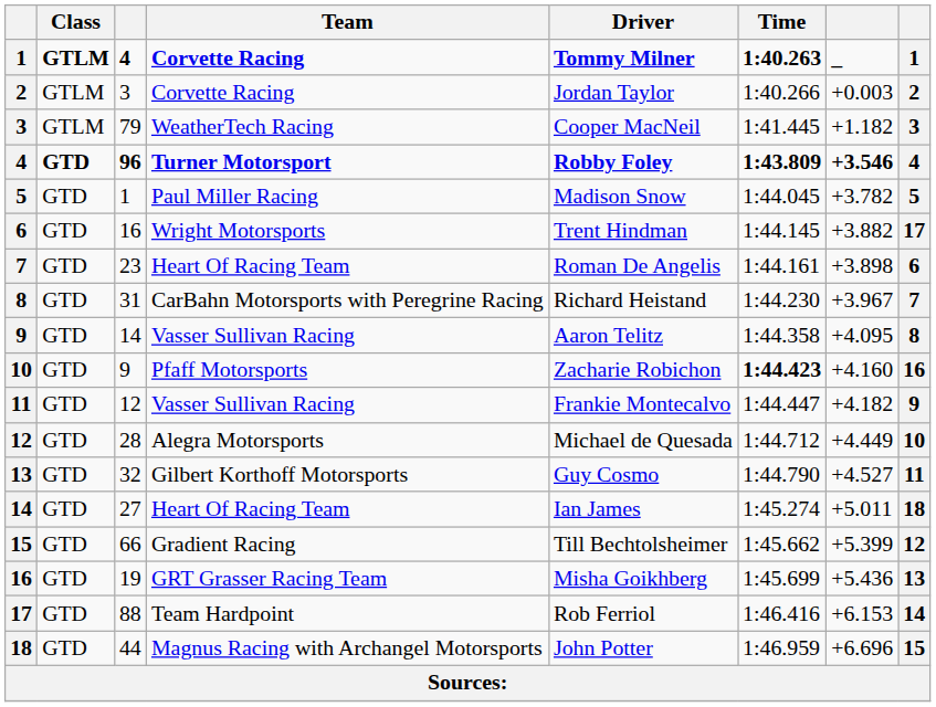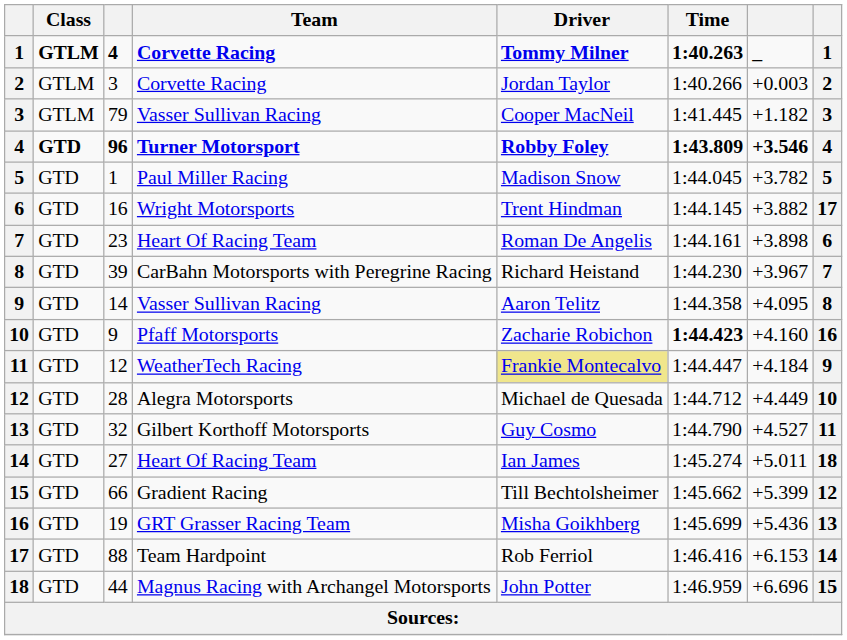 <table class="wikitable">
 <tr>
 <th scope="col"></th>
 <th scope="col">Class</th>
 <th scope="col"></th>
 <th scope="col">Team</th>
 <th scope="col">Driver</th>
 <th scope="col">Time</th>
 <th scope="col"></th>
 <th scope="col"></th>
 </tr>
 <tr style="font-weight:bold">
 <th scope="row">1</th>
 <td>GTLM</td>
 <td>4</td>
 <td> <a href='#'>Corvette Racing</a></td>
 <td> <a href='#'>Tommy Milner</a></td>
 <td>1:40.263</td>
 <td><strong>_</strong></td>
 <th><strong>1</strong></th>
 </tr>
 <tr>
 <th scope="row">2</th>
 <td>GTLM</td>
 <td>3</td>
 <td> <a href='#'>Corvette Racing</a></td>
 <td> <a href='#'>Jordan Taylor</a></td>
 <td>1:40.266</td>
 <td>+0.003</td>
 <th>2</th>
 </tr>
 <tr>
 <th scope="row">3</th>
 <td>GTLM</td>
 <td>79</td>
-<td> <a href='#'>WeatherTech Racing</a></td>
+<td> <a href='#'>Vasser Sullivan Racing</a></td>
 <td> <a href='#'>Cooper MacNeil</a></td>
 <td>1:41.445</td>
 <td>+1.182</td>
 <th>3</th>
 </tr>
 <tr style="font-weight:bold">
 <th scope="row">4</th>
 <td>GTD</td>
 <td>96</td>
 <td> <a href='#'>Turner Motorsport</a></td>
 <td> <a href='#'>Robby Foley</a></td>
 <td>1:43.809</td>
 <td>+3.546</td>
 <th><strong>4</strong></th>
 </tr>
 <tr>
 <th scope="row">5</th>
 <td>GTD</td>
 <td>1</td>
 <td> <a href='#'>Paul Miller Racing</a></td>
 <td> <a href='#'>Madison Snow</a></td>
 <td>1:44.045</td>
 <td>+3.782</td>
 <th>5</th>
 </tr>
 <tr>
 <th scope="row">6</th>
 <td>GTD</td>
 <td>16</td>
 <td> <a href='#'>Wright Motorsports</a></td>
 <td> <a href='#'>Trent Hindman</a></td>
 <td>1:44.145</td>
 <td>+3.882</td>
 <th>17</th>
 </tr>
 <tr>
 <th scope="row">7</th>
 <td>GTD</td>
 <td>23</td>
 <td> <a href='#'>Heart Of Racing Team</a></td>
 <td> <a href='#'>Roman De Angelis</a></td>
 <td>1:44.161</td>
 <td>+3.898</td>
 <th>6</th>
 </tr>
 <tr>
 <th scope="row">8</th>
 <td>GTD</td>
-<td>31</td>
+<td>39</td>
 <td> CarBahn Motorsports with Peregrine Racing</td>
 <td> Richard Heistand</td>
 <td>1:44.230</td>
 <td>+3.967</td>
 <th>7</th>
 </tr>
 <tr>
 <th scope="row">9</th>
 <td>GTD</td>
 <td>14</td>
 <td> <a href='#'>Vasser Sullivan Racing</a></td>
 <td> <a href='#'>Aaron Telitz</a></td>
 <td>1:44.358</td>
 <td>+4.095</td>
 <th>8</th>
 </tr>
 <tr>
 <th scope="row">10</th>
 <td>GTD</td>
 <td>9</td>
 <td> <a href='#'>Pfaff Motorsports</a></td>
 <td> <a href='#'>Zacharie Robichon</a></td>
 <td><strong>1:44.423</strong></td>
 <td>+4.160</td>
 <th>16</th>
 </tr>
 <tr>
 <th scope="row">11</th>
 <td>GTD</td>
 <td>12</td>
-<td> <a href='#'>Vasser Sullivan Racing</a></td>
-<td> <a href='#'>Frankie Montecalvo</a></td>
+<td> <a href='#'>WeatherTech Racing</a></td>
+<td style="background: khaki;"> <a href='#'>Frankie Montecalvo</a></td>
 <td>1:44.447</td>
-<td>+4.182</td>
+<td>+4.184</td>
 <th>9</th>
 </tr>
 <tr>
 <th scope="row">12</th>
 <td>GTD</td>
 <td>28</td>
 <td> Alegra Motorsports</td>
 <td> Michael de Quesada</td>
 <td>1:44.712</td>
 <td>+4.449</td>
 <th>10</th>
 </tr>
 <tr>
 <th scope="row">13</th>
 <td>GTD</td>
 <td>32</td>
 <td> Gilbert Korthoff Motorsports</td>
 <td> <a href='#'>Guy Cosmo</a></td>
 <td>1:44.790</td>
 <td>+4.527</td>
 <th>11</th>
 </tr>
 <tr>
 <th scope="row">14</th>
 <td>GTD</td>
 <td>27</td>
 <td> <a href='#'>Heart Of Racing Team</a></td>
 <td> <a href='#'>Ian James</a></td>
 <td>1:45.274</td>
 <td>+5.011</td>
 <th>18</th>
 </tr>
 <tr>
 <th scope="row">15</th>
 <td>GTD</td>
 <td>66</td>
 <td> Gradient Racing</td>
 <td> Till Bechtolsheimer</td>
 <td>1:45.662</td>
 <td>+5.399</td>
 <th>12</th>
 </tr>
 <tr>
 <th scope="row">16</th>
 <td>GTD</td>
 <td>19</td>
 <td> <a href='#'>GRT Grasser Racing Team</a></td>
 <td> <a href='#'>Misha Goikhberg</a></td>
 <td>1:45.699</td>
 <td>+5.436</td>
 <th>13</th>
 </tr>
 <tr>
 <th scope="row">17</th>
 <td>GTD</td>
 <td>88</td>
 <td> Team Hardpoint</td>
 <td> Rob Ferriol</td>
 <td>1:46.416</td>
 <td>+6.153</td>
 <th>14</th>
 </tr>
 <tr>
 <th scope="row">18</th>
 <td>GTD</td>
 <td>44</td>
 <td> <a href='#'>Magnus Racing</a> with Archangel Motorsports</td>
 <td> <a href='#'>John Potter</a></td>
 <td>1:46.959</td>
 <td>+6.696</td>
 <th>15</th>
 </tr>
 <tr>
 <th colspan="8">Sources:</th>
 </tr>
 <tr>
 </tr>
 </table>
